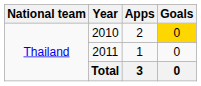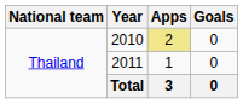 <table class="wikitable" style="text-align:center">
 <tr>
 <th>National team</th>
 <th>Year</th>
 <th>Apps</th>
 <th>Goals</th>
 </tr>
 <tr>
 <td rowspan="5" valign="center"><a href='#'>Thailand</a></td>
 <td>2010</td>
-<td>2</td>
-<td style="background: gold;">0</td>
+<td style="background: khaki;">2</td>
+<td>0</td>
 </tr>
 <tr>
 <td>2011</td>
 <td>1</td>
 <td>0</td>
 </tr>
 <tr>
 <th>Total</th>
 <th>3</th>
 <th>0</th>
 </tr>
 </table>
